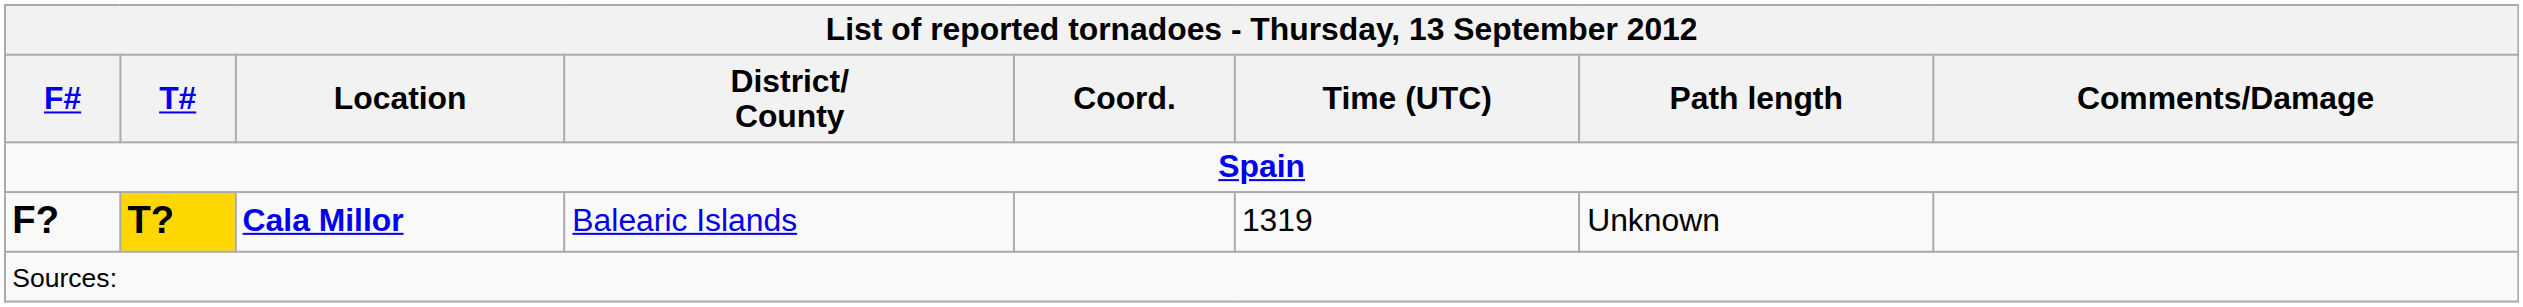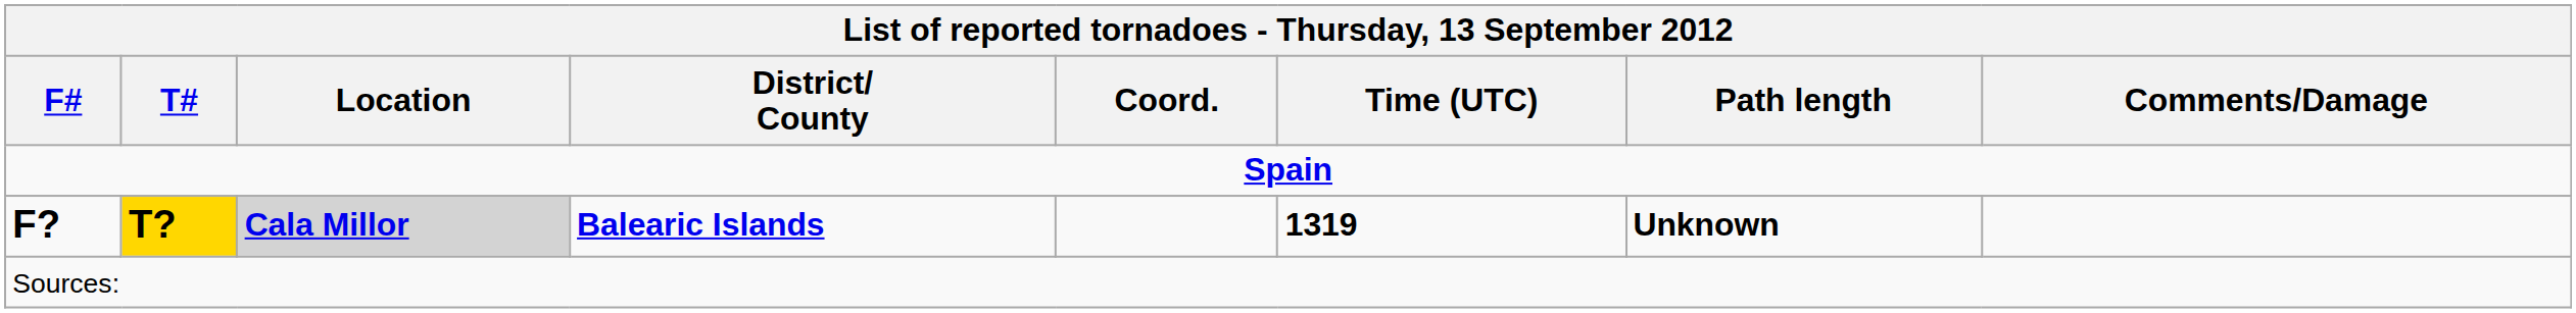 <table class="wikitable collapsible" width="100%">
 <tr>
 <th colspan="8">List of reported tornadoes - Thursday, 13 September 2012</th>
 </tr>
 <tr>
 <th><a href='#'>F#</a></th>
 <th><a href='#'>T#</a></th>
 <th>Location</th>
 <th>District/<br>County</th>
 <th>Coord.</th>
 <th>Time (UTC)</th>
 <th>Path length</th>
 <th>Comments/Damage</th>
 </tr>
 <tr>
 <td colspan="8" align=center><strong><a href='#'>Spain</a></strong></td>
 </tr>
 <tr>
 <td><big><strong>F?</strong></big></td>
 <td style="background: gold;"><big><strong>T?</strong></big></td>
-<td><strong><a href='#'>Cala Millor</a></strong></td>
-<td><a href='#'>Balearic Islands</a></td>
+<td style="background: lightgrey;"><strong><a href='#'>Cala Millor</a></strong></td>
+<td><strong><a href='#'>Balearic Islands</a></strong></td>
 <td></td>
-<td>1319</td>
-<td>Unknown</td>
+<td><strong>1319</strong></td>
+<td><strong>Unknown</strong></td>
 <td></td>
 </tr>
 <tr>
 <td colspan="8"><small>Sources:  </small></td>
 </tr>
 </table>
